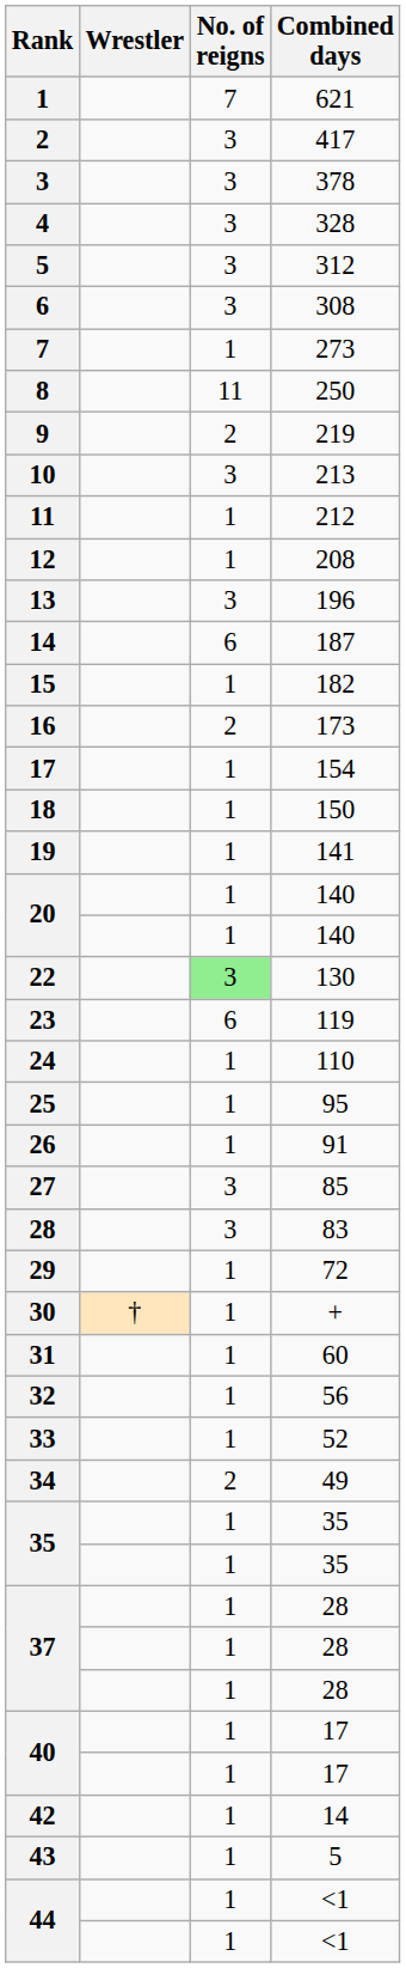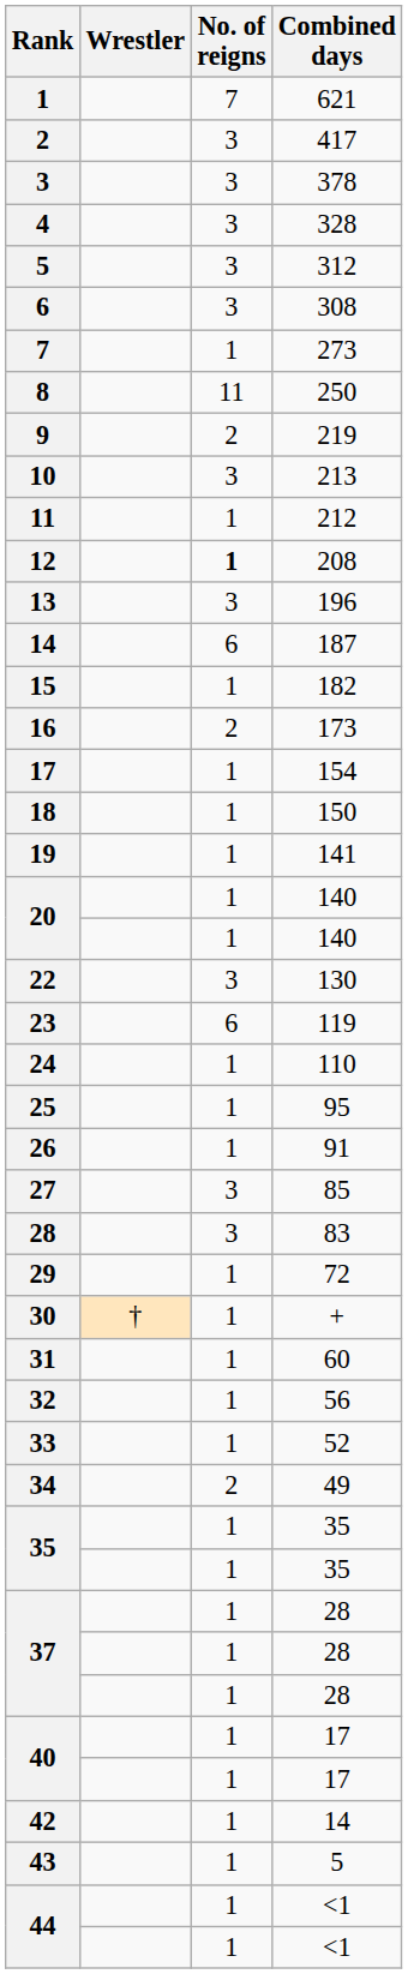 <table class="wikitable sortable" style="text-align:center">
 <tr>
 <th>Rank</th>
 <th>Wrestler</th>
 <th>No. of<br>reigns</th>
 <th>Combined<br>days</th>
 </tr>
 <tr>
 <th>1</th>
 <td></td>
 <td>7</td>
 <td>621</td>
 </tr>
 <tr>
 <th>2</th>
 <td></td>
 <td>3</td>
 <td>417</td>
 </tr>
 <tr>
 <th>3</th>
 <td></td>
 <td>3</td>
 <td>378</td>
 </tr>
 <tr>
 <th>4</th>
 <td></td>
 <td>3</td>
 <td>328</td>
 </tr>
 <tr>
 <th>5</th>
 <td></td>
 <td>3</td>
 <td>312</td>
 </tr>
 <tr>
 <th>6</th>
 <td></td>
 <td>3</td>
 <td>308</td>
 </tr>
 <tr>
 <th>7</th>
 <td></td>
 <td>1</td>
 <td>273</td>
 </tr>
 <tr>
 <th>8</th>
 <td></td>
 <td>11</td>
 <td>250</td>
 </tr>
 <tr>
 <th>9</th>
 <td></td>
 <td>2</td>
 <td>219</td>
 </tr>
 <tr>
 <th>10</th>
 <td></td>
 <td>3</td>
 <td>213</td>
 </tr>
 <tr>
 <th>11</th>
 <td></td>
 <td>1</td>
 <td>212</td>
 </tr>
 <tr>
 <th>12</th>
 <td></td>
-<td>1</td>
+<td><strong>1</strong></td>
 <td>208</td>
 </tr>
 <tr>
 <th>13</th>
 <td></td>
 <td>3</td>
 <td>196</td>
 </tr>
 <tr>
 <th>14</th>
 <td></td>
 <td>6</td>
 <td>187</td>
 </tr>
 <tr>
 <th>15</th>
 <td></td>
 <td>1</td>
 <td>182</td>
 </tr>
 <tr>
 <th>16</th>
 <td></td>
 <td>2</td>
 <td>173</td>
 </tr>
 <tr>
 <th>17</th>
 <td></td>
 <td>1</td>
 <td>154</td>
 </tr>
 <tr>
 <th>18</th>
 <td></td>
 <td>1</td>
 <td>150</td>
 </tr>
 <tr>
 <th>19</th>
 <td></td>
 <td>1</td>
 <td>141</td>
 </tr>
 <tr>
 <th rowspan=2>20</th>
 <td></td>
 <td>1</td>
 <td>140</td>
 </tr>
 <tr>
 <td></td>
 <td>1</td>
 <td>140</td>
 </tr>
 <tr>
 <th>22</th>
 <td></td>
-<td style="background: lightgreen;">3</td>
+<td>3</td>
 <td>130</td>
 </tr>
 <tr>
 <th>23</th>
 <td></td>
 <td>6</td>
 <td>119</td>
 </tr>
 <tr>
 <th>24</th>
 <td></td>
 <td>1</td>
 <td>110</td>
 </tr>
 <tr>
 <th>25</th>
 <td></td>
 <td>1</td>
 <td>95</td>
 </tr>
 <tr>
 <th>26</th>
 <td></td>
 <td>1</td>
 <td>91</td>
 </tr>
 <tr>
 <th>27</th>
 <td></td>
 <td>3</td>
 <td>85</td>
 </tr>
 <tr>
 <th>28</th>
 <td></td>
 <td>3</td>
 <td>83</td>
 </tr>
 <tr>
 <th>29</th>
 <td></td>
 <td>1</td>
 <td>72</td>
 </tr>
 <tr>
 <th>30</th>
 <td style="background-color:#ffe6bd"> †</td>
 <td>1</td>
 <td>+</td>
 </tr>
 <tr>
 <th>31</th>
 <td></td>
 <td>1</td>
 <td>60</td>
 </tr>
 <tr>
 <th>32</th>
 <td></td>
 <td>1</td>
 <td>56</td>
 </tr>
 <tr>
 <th>33</th>
 <td></td>
 <td>1</td>
 <td>52</td>
 </tr>
 <tr>
 <th>34</th>
 <td></td>
 <td>2</td>
 <td>49</td>
 </tr>
 <tr>
 <th rowspan=2>35</th>
 <td></td>
 <td>1</td>
 <td>35</td>
 </tr>
 <tr>
 <td></td>
 <td>1</td>
 <td>35</td>
 </tr>
 <tr>
 <th rowspan=3>37</th>
 <td></td>
 <td>1</td>
 <td>28</td>
 </tr>
 <tr>
 <td></td>
 <td>1</td>
 <td>28</td>
 </tr>
 <tr>
 <td></td>
 <td>1</td>
 <td>28</td>
 </tr>
 <tr>
 <th rowspan=2>40</th>
 <td></td>
 <td>1</td>
 <td>17</td>
 </tr>
 <tr>
 <td></td>
 <td>1</td>
 <td>17</td>
 </tr>
 <tr>
 <th>42</th>
 <td></td>
 <td>1</td>
 <td>14</td>
 </tr>
 <tr>
 <th>43</th>
 <td></td>
 <td>1</td>
 <td>5</td>
 </tr>
 <tr>
 <th rowspan=2>44</th>
 <td></td>
 <td>1</td>
 <td><1</td>
 </tr>
 <tr>
 <td></td>
 <td>1</td>
 <td><1</td>
 </tr>
 </table>
